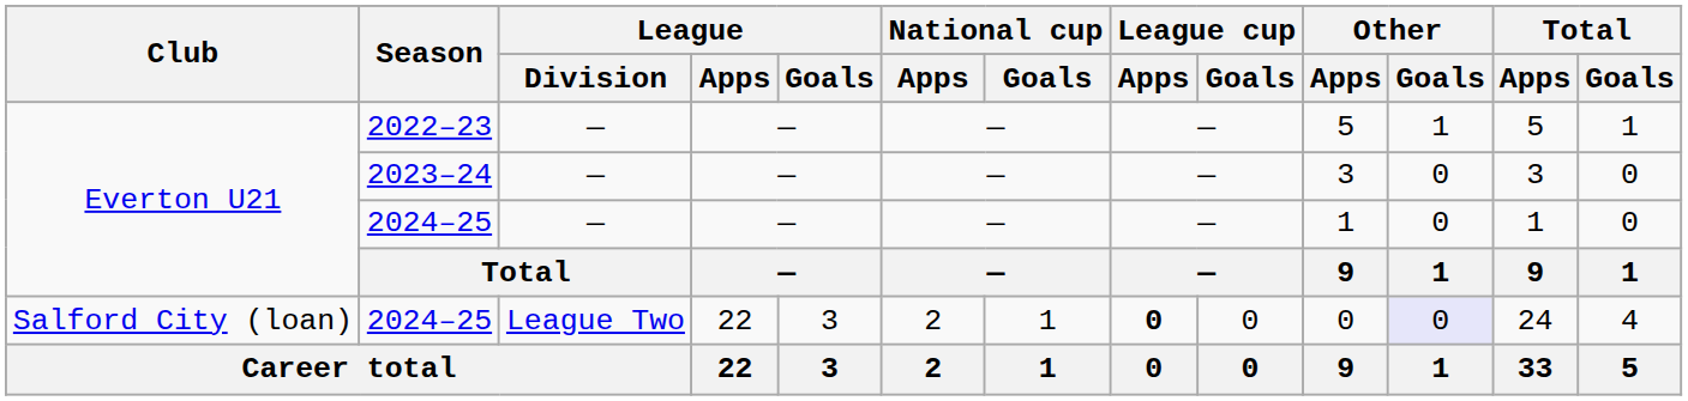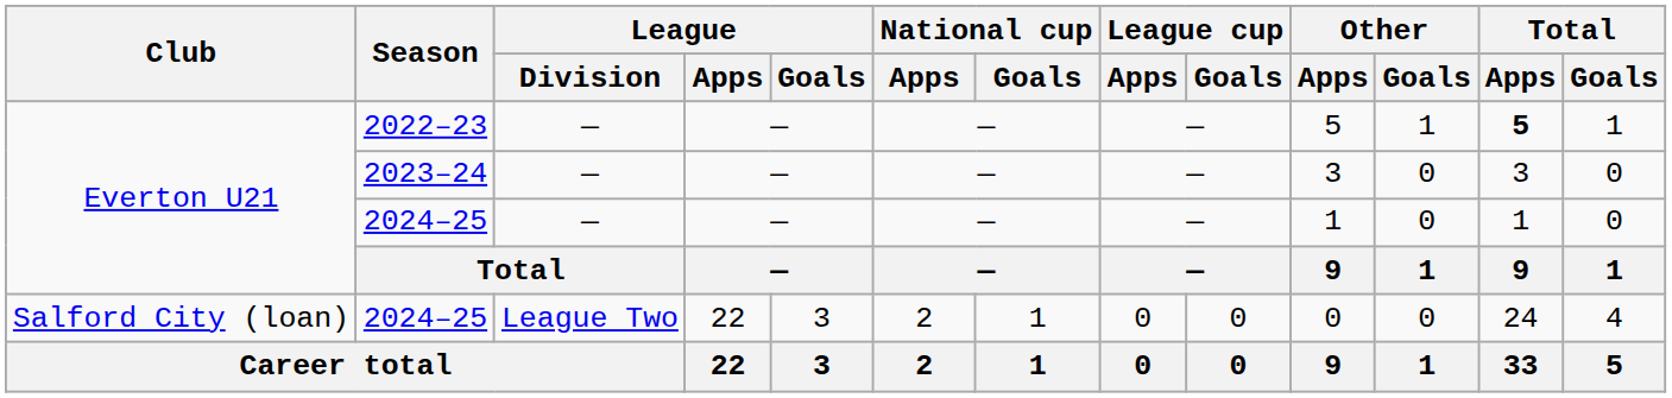 <table class="wikitable" style="text-align: center">
 <tr>
 <th rowspan="2">Club</th>
 <th rowspan="2">Season</th>
 <th colspan="3">League</th>
 <th colspan="2">National cup</th>
 <th colspan="2">League cup</th>
 <th colspan="2">Other</th>
 <th colspan="2">Total</th>
 </tr>
 <tr>
 <th>Division</th>
 <th>Apps</th>
 <th>Goals</th>
 <th>Apps</th>
 <th>Goals</th>
 <th>Apps</th>
 <th>Goals</th>
 <th>Apps</th>
 <th>Goals</th>
 <th>Apps</th>
 <th>Goals</th>
 </tr>
 <tr>
 <td rowspan="4"><a href='#'>Everton U21</a></td>
 <td><a href='#'>2022–23</a></td>
 <td>—</td>
 <td colspan="2">—</td>
 <td colspan="2">—</td>
 <td colspan="2">—</td>
 <td>5</td>
 <td>1</td>
-<td>5</td>
+<td><strong>5</strong></td>
 <td>1</td>
 </tr>
 <tr>
 <td><a href='#'>2023–24</a></td>
 <td>—</td>
 <td colspan="2">—</td>
 <td colspan="2">—</td>
 <td colspan="2">—</td>
 <td>3</td>
 <td>0</td>
 <td>3</td>
 <td>0</td>
 </tr>
 <tr>
 <td><a href='#'>2024–25</a></td>
 <td>—</td>
 <td colspan="2">—</td>
 <td colspan="2">—</td>
 <td colspan="2">—</td>
 <td>1</td>
 <td>0</td>
 <td>1</td>
 <td>0</td>
 </tr>
 <tr>
 <th colspan="2">Total</th>
 <th colspan="2">—</th>
 <th colspan="2">—</th>
 <th colspan="2">—</th>
 <th>9</th>
 <th>1</th>
 <th>9</th>
 <th>1</th>
 </tr>
 <tr>
 <td><a href='#'>Salford City</a> (loan)</td>
 <td><a href='#'>2024–25</a></td>
 <td><a href='#'>League Two</a></td>
 <td>22</td>
 <td>3</td>
 <td>2</td>
 <td>1</td>
-<td><strong>0</strong></td>
 <td>0</td>
 <td>0</td>
-<td style="background: lavender;">0</td>
+<td>0</td>
+<td>0</td>
 <td>24</td>
 <td>4</td>
 </tr>
 <tr>
 <th colspan="3">Career total</th>
 <th>22</th>
 <th>3</th>
 <th>2</th>
 <th>1</th>
 <th>0</th>
 <th>0</th>
 <th>9</th>
 <th>1</th>
 <th>33</th>
 <th>5</th>
 </tr>
 </table>
